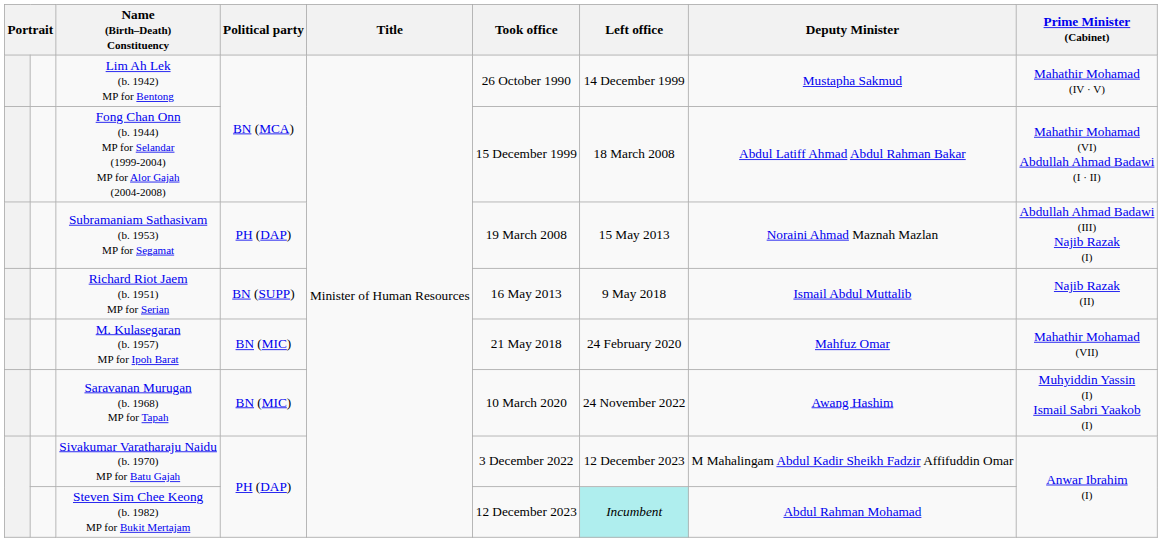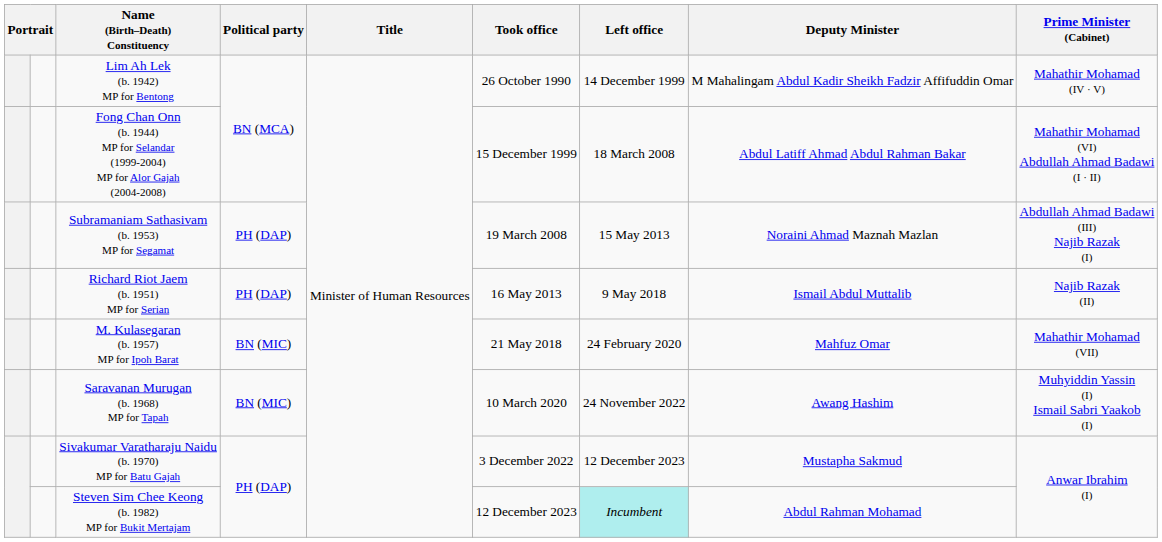 <table class="wikitable" style="text-align:center;">
 <tr>
 <th colspan=2>Portrait</th>
 <th>Name<br><small>(Birth–Death)<br>Constituency</small></th>
 <th>Political party</th>
 <th>Title</th>
 <th>Took office</th>
 <th>Left office</th>
 <th>Deputy Minister</th>
 <th><a href='#'>Prime Minister</a><br><small>(Cabinet)</small></th>
 </tr>
 <tr>
 <th style="background:"></th>
 <td></td>
 <td><a href='#'>Lim Ah Lek</a><br><small>(b. 1942)<br>MP for <a href='#'>Bentong</a></small></td>
 <td rowspan="2"><a href='#'>BN</a> (<a href='#'>MCA</a>)</td>
 <td rowspan=8>Minister of Human Resources</td>
 <td>26 October 1990</td>
 <td>14 December 1999</td>
-<td><a href='#'>Mustapha Sakmud</a></td>
+<td>M Mahalingam  <a href='#'>Abdul Kadir Sheikh Fadzir</a>  Affifuddin Omar </td>
 <td><a href='#'>Mahathir Mohamad</a><br><small>(IV · V)</small></td>
 </tr>
 <tr>
 <th style="background:"></th>
 <td></td>
 <td><a href='#'>Fong Chan Onn</a><br><small>(b. 1944)<br>MP for <a href='#'>Selandar</a><br>(1999-2004) <br> MP for <a href='#'>Alor Gajah</a><br> (2004-2008)</small></td>
 <td>15 December 1999</td>
 <td>18 March 2008</td>
 <td><a href='#'>Abdul Latiff Ahmad</a>  <a href='#'>Abdul Rahman Bakar</a> </td>
 <td><a href='#'>Mahathir Mohamad</a><br><small>(VI)</small><br><a href='#'>Abdullah Ahmad Badawi</a><br><small>(I · II)</small></td>
 </tr>
 <tr>
 <th style="background:"></th>
 <td></td>
 <td><a href='#'>Subramaniam Sathasivam</a><br><small>(b. 1953)<br>MP for <a href='#'>Segamat</a></small></td>
 <td><a href='#'>PH</a> (<a href='#'>DAP</a>)</td>
 <td>19 March 2008</td>
 <td>15 May 2013</td>
 <td><a href='#'>Noraini Ahmad</a> Maznah Mazlan </td>
 <td><a href='#'>Abdullah Ahmad Badawi</a><br><small>(III)</small><br><a href='#'>Najib Razak</a><br><small>(I)</small></td>
 </tr>
 <tr>
 <th style="background:"></th>
 <td></td>
 <td><a href='#'>Richard Riot Jaem</a><br><small>(b. 1951)<br>MP for <a href='#'>Serian</a></small></td>
-<td><a href='#'>BN</a> (<a href='#'>SUPP</a>)</td>
+<td><a href='#'>PH</a> (<a href='#'>DAP</a>)</td>
 <td>16 May 2013</td>
 <td>9 May 2018</td>
 <td><a href='#'>Ismail Abdul Muttalib</a></td>
 <td><a href='#'>Najib Razak</a><br><small>(II)</small></td>
 </tr>
 <tr>
 <th style="background:"></th>
 <td></td>
 <td><a href='#'>M. Kulasegaran</a><br><small>(b. 1957)<br>MP for <a href='#'>Ipoh Barat</a></small></td>
 <td><a href='#'>BN</a> (<a href='#'>MIC</a>)</td>
 <td>21 May 2018</td>
 <td>24 February 2020</td>
 <td><a href='#'>Mahfuz Omar</a></td>
 <td><a href='#'>Mahathir Mohamad</a><br><small>(VII)</small></td>
 </tr>
 <tr>
 <th style="background:"></th>
 <td></td>
 <td><a href='#'>Saravanan Murugan</a><br><small>(b. 1968)<br>MP for <a href='#'>Tapah</a></small></td>
 <td><a href='#'>BN</a> (<a href='#'>MIC</a>)</td>
 <td>10 March 2020</td>
 <td>24 November 2022</td>
 <td><a href='#'>Awang Hashim</a></td>
 <td><a href='#'>Muhyiddin Yassin</a><br><small>(I)</small><br><a href='#'>Ismail Sabri Yaakob</a><br><small>(I)</small></td>
 </tr>
 <tr>
 <th rowspan=2 style="background:"></th>
 <td></td>
 <td><a href='#'>Sivakumar Varatharaju Naidu</a><br><small>(b. 1970)<br>MP for <a href='#'>Batu Gajah</a></small></td>
 <td rowspan="2"><a href='#'>PH</a> (<a href='#'>DAP</a>)</td>
 <td>3 December 2022</td>
 <td>12 December 2023</td>
-<td>M Mahalingam  <a href='#'>Abdul Kadir Sheikh Fadzir</a>  Affifuddin Omar </td>
+<td><a href='#'>Mustapha Sakmud</a></td>
 <td rowspan="2"><a href='#'>Anwar Ibrahim</a><br><small>(I)</small></td>
 </tr>
 <tr>
 <td></td>
 <td><a href='#'>Steven Sim Chee Keong</a><br><small>(b. 1982)<br>MP for <a href='#'>Bukit Mertajam</a></small></td>
 <td>12 December 2023</td>
 <td style="background: paleturquoise;"><em>Incumbent</em></td>
 <td><a href='#'>Abdul Rahman Mohamad</a></td>
 </tr>
 </table>
